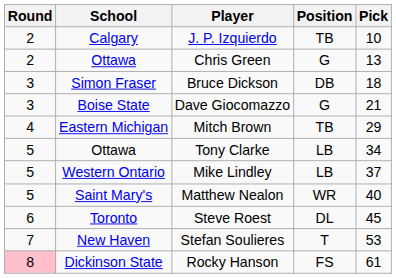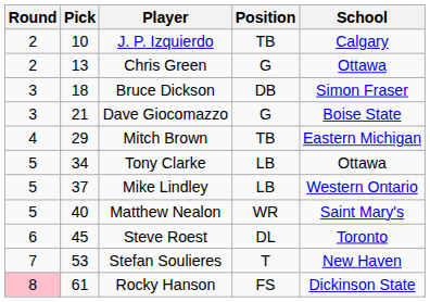 <table class="wikitable" style="font-size: 95%;">
 <tr>
 <th scope="col">Round</th>
-<th scope="col">School</th>
+<th scope="col">Pick</th>
 <th scope="col">Player</th>
 <th scope="col">Position</th>
-<th scope="col">Pick</th>
+<th scope="col">School</th>
 </tr>
 <tr align="center">
 <td align=center>2</td>
-<td><a href='#'>Calgary</a></td>
+<td>10</td>
 <td><a href='#'>J. P. Izquierdo</a></td>
 <td>TB</td>
-<td>10</td>
+<td><a href='#'>Calgary</a></td>
 </tr>
 <tr align="center">
 <td align=center>2</td>
-<td><a href='#'>Ottawa</a></td>
+<td>13</td>
 <td>Chris Green</td>
 <td>G</td>
-<td>13</td>
+<td><a href='#'>Ottawa</a></td>
 </tr>
 <tr align="center">
 <td align=center>3</td>
-<td><a href='#'>Simon Fraser</a></td>
+<td>18</td>
 <td>Bruce Dickson</td>
 <td>DB</td>
-<td>18</td>
+<td><a href='#'>Simon Fraser</a></td>
 </tr>
 <tr align="center">
 <td align=center>3</td>
-<td><a href='#'>Boise State</a></td>
+<td>21</td>
 <td>Dave Giocomazzo</td>
 <td>G</td>
-<td>21</td>
+<td><a href='#'>Boise State</a></td>
 </tr>
 <tr align="center">
 <td align=center>4</td>
-<td><a href='#'>Eastern Michigan</a></td>
+<td>29</td>
 <td>Mitch Brown</td>
 <td>TB</td>
-<td>29</td>
+<td><a href='#'>Eastern Michigan</a></td>
 </tr>
 <tr align="center">
 <td align=center>5</td>
-<td>Ottawa</td>
+<td>34</td>
 <td>Tony Clarke</td>
 <td>LB</td>
-<td>34</td>
+<td>Ottawa</td>
 </tr>
 <tr align="center">
 <td align=center>5</td>
-<td><a href='#'>Western Ontario</a></td>
+<td>37</td>
 <td>Mike Lindley</td>
 <td>LB</td>
-<td>37</td>
+<td><a href='#'>Western Ontario</a></td>
 </tr>
 <tr align="center">
 <td align=center>5</td>
-<td><a href='#'>Saint Mary's</a></td>
+<td>40</td>
 <td>Matthew Nealon</td>
 <td>WR</td>
-<td>40</td>
+<td><a href='#'>Saint Mary's</a></td>
 </tr>
 <tr align="center">
 <td align=center>6</td>
-<td><a href='#'>Toronto</a></td>
+<td>45</td>
 <td>Steve Roest</td>
 <td>DL</td>
-<td>45</td>
+<td><a href='#'>Toronto</a></td>
 </tr>
 <tr align="center">
 <td align=center>7</td>
-<td><a href='#'>New Haven</a></td>
+<td>53</td>
 <td>Stefan Soulieres</td>
 <td>T</td>
-<td>53</td>
+<td><a href='#'>New Haven</a></td>
 </tr>
 <tr align="center">
 <td align=center style="background: pink;">8</td>
-<td><a href='#'>Dickinson State</a></td>
+<td>61</td>
 <td>Rocky Hanson</td>
 <td>FS</td>
-<td>61</td>
+<td><a href='#'>Dickinson State</a></td>
 </tr>
 </table>
